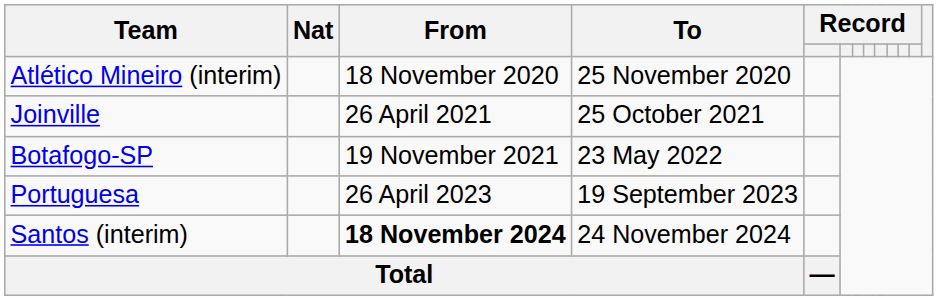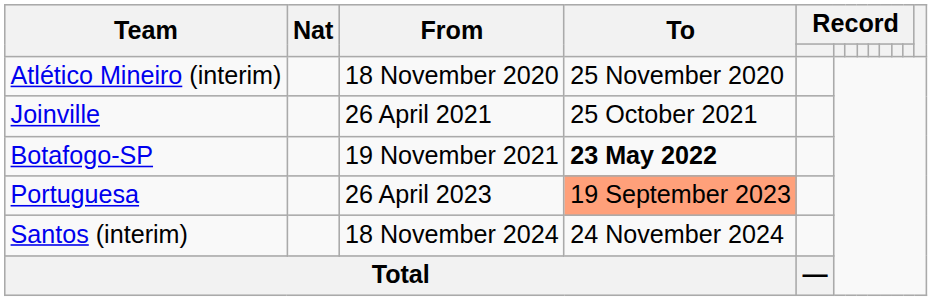 <table class="wikitable" style="text-align: center">
 <tr>
 <th rowspan="2">Team</th>
 <th rowspan="2">Nat</th>
 <th rowspan="2">From</th>
 <th rowspan="2">To</th>
 <th colspan="8">Record</th>
 <th rowspan=2></th>
 </tr>
 <tr>
 <th></th>
 <th></th>
 <th></th>
 <th></th>
 <th></th>
 <th></th>
 <th></th>
 <th></th>
 </tr>
 <tr>
 <td align=left><a href='#'>Atlético Mineiro</a> (interim)</td>
 <td></td>
 <td align=left>18 November 2020</td>
 <td align=left>25 November 2020<br></td>
 <td></td>
 </tr>
 <tr>
 <td align=left><a href='#'>Joinville</a></td>
 <td></td>
 <td align=left>26 April 2021</td>
 <td align=left>25 October 2021<br></td>
 <td></td>
 </tr>
 <tr>
 <td align=left><a href='#'>Botafogo-SP</a></td>
 <td></td>
 <td align=left>19 November 2021</td>
-<td align=left>23 May 2022<br></td>
+<td align=left><strong>23 May 2022<br></strong></td>
 <td></td>
 </tr>
 <tr>
 <td align=left><a href='#'>Portuguesa</a></td>
 <td></td>
 <td align=left>26 April 2023</td>
-<td align=left>19 September 2023<br></td>
+<td align=left style="background: lightsalmon;">19 September 2023<br></td>
 <td></td>
 </tr>
 <tr>
 <td align=left><a href='#'>Santos</a> (interim)</td>
 <td></td>
-<td align=left><strong>18 November 2024</strong></td>
+<td align=left>18 November 2024</td>
 <td align=left>24 November 2024<br></td>
 <td></td>
 </tr>
 <tr>
 <th colspan="4">Total<br></th>
 <th>—</th>
 </tr>
 </table>
